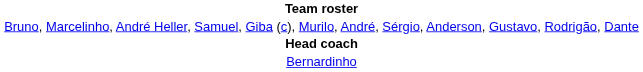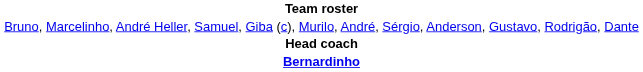 <table style="text-align:center; margin-top:2em; margin-left:auto; margin-right:auto">
 <tr>
 <td><strong>Team roster</strong></td>
 </tr>
 <tr>
 <td><a href='#'>Bruno</a>, <a href='#'>Marcelinho</a>, <a href='#'>André Heller</a>, <a href='#'>Samuel</a>, <a href='#'>Giba</a> (<a href='#'>c</a>), <a href='#'>Murilo</a>, <a href='#'>André</a>, <a href='#'>Sérgio</a>, <a href='#'>Anderson</a>, <a href='#'>Gustavo</a>, <a href='#'>Rodrigão</a>, <a href='#'>Dante</a></td>
 </tr>
 <tr>
 <td><strong>Head coach</strong></td>
 </tr>
 <tr>
-<td><a href='#'>Bernardinho</a></td>
+<td><strong><a href='#'>Bernardinho</a></strong></td>
 </tr>
 <tr>
 </tr>
 </table>
